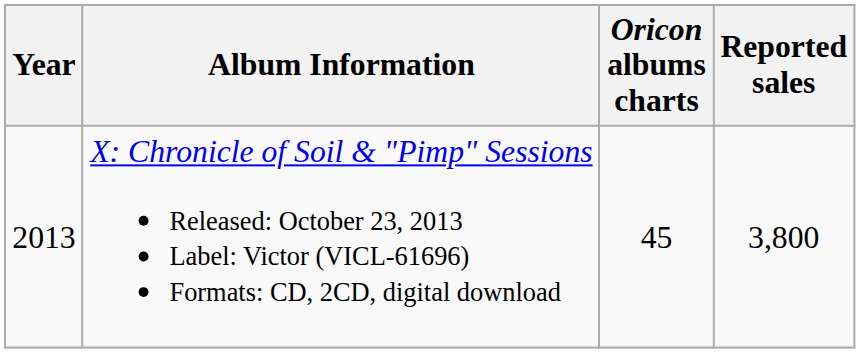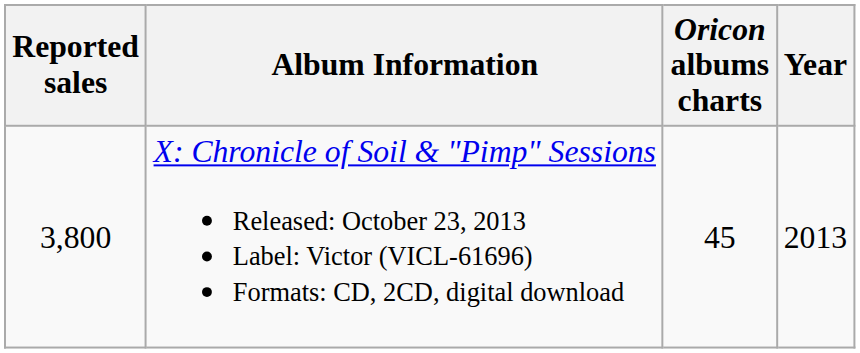 <table class="wikitable">
 <tr>
-<th>Year</th>
+<th>Reported<br>sales<br></th>
 <th>Album Information</th>
 <th><em>Oricon</em><br>albums<br>charts<br></th>
-<th>Reported<br>sales<br></th>
+<th>Year</th>
 </tr>
 <tr>
-<td style="text-align:center;">2013</td>
+<td style="text-align:center;">3,800</td>
 <td><em><a href='#'>X: Chronicle of Soil & "Pimp" Sessions</a></em><br><ul><li><small>Released: October 23, 2013</small></li><li><small>Label: Victor (VICL-61696)</small></li><li><small>Formats: CD, 2CD, digital download</small></li></ul></td>
 <td style="text-align:center;">45</td>
-<td style="text-align:center;">3,800</td>
+<td style="text-align:center;">2013</td>
 </tr>
 </table>
